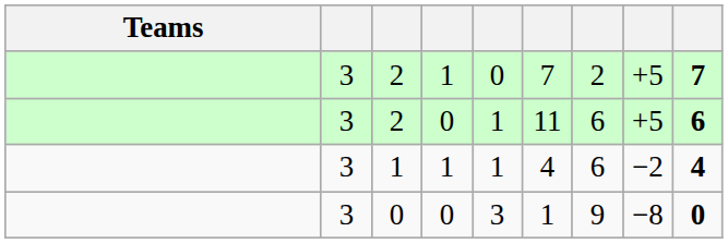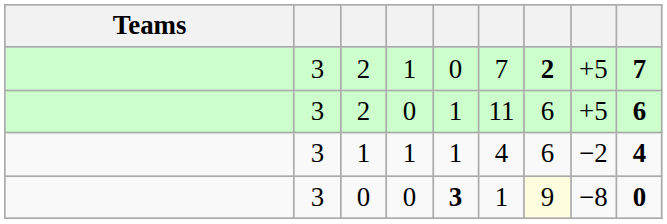 <table class="wikitable" style="text-align: center;">
 <tr>
 <th width=165>Teams</th>
 <th width=20></th>
 <th width=20></th>
 <th width=20></th>
 <th width=20></th>
 <th width=20></th>
 <th width=20></th>
 <th width=20></th>
 <th width=20></th>
 </tr>
 <tr style="background:#ccffcc;">
 <td style="text-align:left;"></td>
 <td>3</td>
 <td>2</td>
 <td>1</td>
 <td>0</td>
 <td>7</td>
-<td>2</td>
+<td><strong>2</strong></td>
 <td>+5</td>
 <td><strong>7</strong></td>
 </tr>
 <tr style="background:#ccffcc;">
 <td style="text-align:left;"></td>
 <td>3</td>
 <td>2</td>
 <td>0</td>
 <td>1</td>
 <td>11</td>
 <td>6</td>
 <td>+5</td>
 <td><strong>6</strong></td>
 </tr>
 <tr>
 <td style="text-align:left;"></td>
 <td>3</td>
 <td>1</td>
 <td>1</td>
 <td>1</td>
 <td>4</td>
 <td>6</td>
 <td>−2</td>
 <td><strong>4</strong></td>
 </tr>
 <tr>
 <td style="text-align:left;"></td>
 <td>3</td>
 <td>0</td>
 <td>0</td>
-<td>3</td>
+<td><strong>3</strong></td>
 <td>1</td>
-<td>9</td>
+<td style="background: lightyellow;">9</td>
 <td>−8</td>
 <td><strong>0</strong></td>
 </tr>
 </table>
